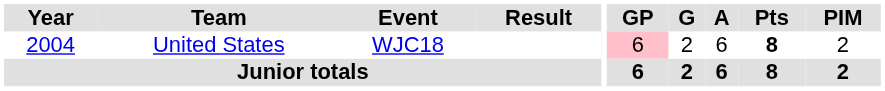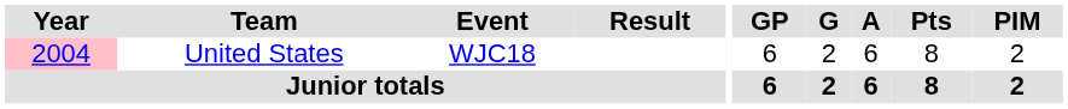 <table border="0" cellpadding="1" cellspacing="0" ID="Table3" style="text-align:center; width:40em">
 <tr ALIGN="center" bgcolor="#e0e0e0">
 <th>Year</th>
 <th>Team</th>
 <th>Event</th>
 <th>Result</th>
 <th rowspan="99" bgcolor="#ffffff"></th>
 <th>GP</th>
 <th>G</th>
 <th>A</th>
 <th>Pts</th>
 <th>PIM</th>
 </tr>
 <tr>
-<td><a href='#'>2004</a></td>
+<td style="background: pink;"><a href='#'>2004</a></td>
 <td><a href='#'>United States</a></td>
 <td><a href='#'>WJC18</a></td>
 <td></td>
-<td style="background: pink;">6</td>
+<td>6</td>
 <td>2</td>
 <td>6</td>
-<td><strong>8</strong></td>
+<td>8</td>
 <td>2</td>
 </tr>
 <tr bgcolor="#e0e0e0">
 <th colspan="4">Junior totals</th>
 <th>6</th>
 <th>2</th>
 <th>6</th>
 <th>8</th>
 <th>2</th>
 </tr>
 </table>
